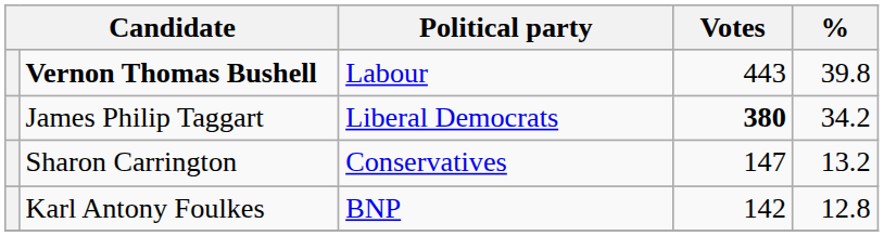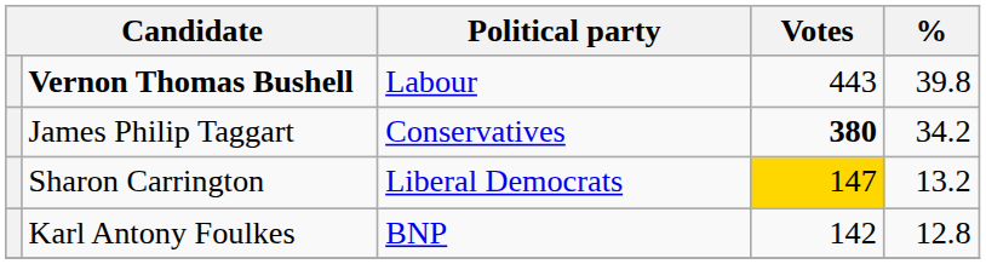 <table class="wikitable">
 <tr>
 <th valign=top colspan="2" style="width: 180px">Candidate</th>
 <th valign=top style="width: 180px">Political party</th>
 <th valign=top style="width: 60px">Votes</th>
 <th valign=top style="width: 40px">%</th>
 </tr>
 <tr>
 <th style="background-color: "></th>
 <td><strong>Vernon Thomas Bushell</strong></td>
 <td><a href='#'>Labour</a></td>
 <td align="right">443</td>
 <td align="right">39.8</td>
 </tr>
 <tr>
 <th style="background-color: "></th>
 <td>James Philip Taggart</td>
-<td><a href='#'>Liberal Democrats</a></td>
+<td><a href='#'>Conservatives</a></td>
 <td align="right"><strong>380</strong></td>
 <td align="right">34.2</td>
 </tr>
 <tr>
 <th style="background-color: "></th>
 <td>Sharon Carrington</td>
-<td><a href='#'>Conservatives</a></td>
-<td align="right">147</td>
+<td><a href='#'>Liberal Democrats</a></td>
+<td align="right" style="background: gold;">147</td>
 <td align="right">13.2</td>
 </tr>
 <tr>
 <th style="background-color: "></th>
 <td>Karl Antony Foulkes</td>
 <td><a href='#'>BNP</a></td>
 <td align="right">142</td>
 <td align="right">12.8</td>
 </tr>
 <tr>
 </tr>
 </table>
